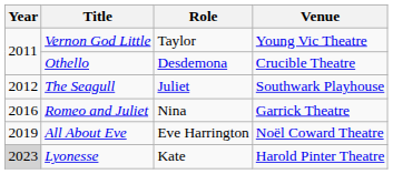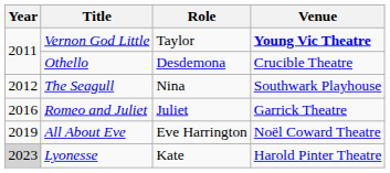 <table class="wikitable sortable">
 <tr>
 <th>Year</th>
 <th>Title</th>
 <th>Role</th>
 <th>Venue</th>
 </tr>
 <tr>
 <td rowspan=2>2011</td>
 <td><em><a href='#'>Vernon God Little</a></em></td>
 <td>Taylor</td>
-<td><a href='#'>Young Vic Theatre</a></td>
+<td><strong><a href='#'>Young Vic Theatre</a></strong></td>
 </tr>
 <tr>
 <td><em><a href='#'>Othello</a></em></td>
 <td><a href='#'>Desdemona</a></td>
 <td><a href='#'>Crucible Theatre</a></td>
 </tr>
 <tr>
 <td>2012</td>
 <td><em><a href='#'>The Seagull</a></em></td>
-<td><a href='#'>Juliet</a></td>
+<td>Nina</td>
 <td><a href='#'>Southwark Playhouse</a></td>
 </tr>
 <tr>
 <td>2016</td>
 <td><em><a href='#'>Romeo and Juliet</a></em></td>
-<td>Nina</td>
+<td><a href='#'>Juliet</a></td>
 <td><a href='#'>Garrick Theatre</a></td>
 </tr>
 <tr>
 <td>2019</td>
 <td><em><a href='#'>All About Eve</a></em></td>
 <td>Eve Harrington</td>
 <td><a href='#'>Noël Coward Theatre</a></td>
 </tr>
 <tr>
 <td style="background: lightgrey;">2023</td>
 <td><em><a href='#'>Lyonesse</a></em></td>
 <td>Kate</td>
 <td><a href='#'>Harold Pinter Theatre</a></td>
 </tr>
 </table>
